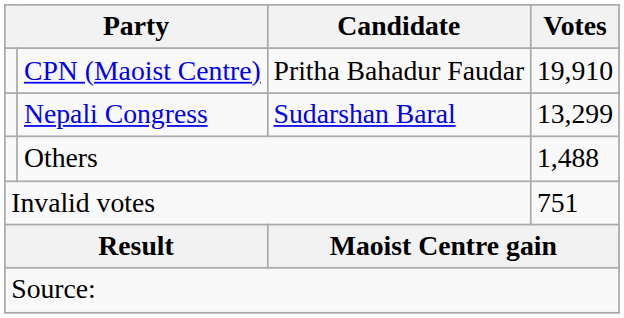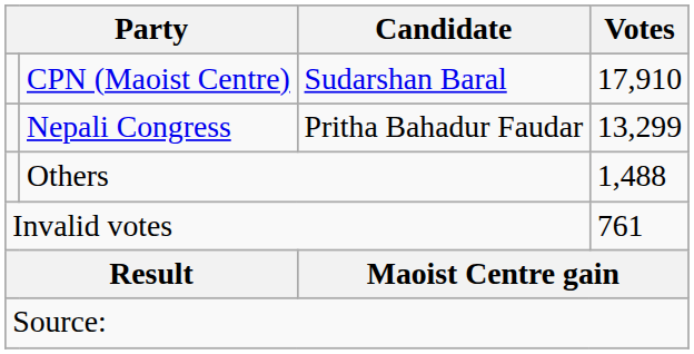 <table class="wikitable">
 <tr>
 <th colspan="2">Party</th>
 <th>Candidate</th>
 <th>Votes</th>
 </tr>
 <tr>
 <td style="background-color:"></td>
 <td><a href='#'>CPN (Maoist Centre)</a></td>
-<td>Pritha Bahadur Faudar</td>
-<td>19,910</td>
+<td><a href='#'>Sudarshan Baral</a></td>
+<td>17,910</td>
 </tr>
 <tr>
 <td style="background-color:"></td>
 <td><a href='#'>Nepali Congress</a></td>
-<td><a href='#'>Sudarshan Baral</a></td>
+<td>Pritha Bahadur Faudar</td>
 <td>13,299</td>
 </tr>
 <tr>
 <td></td>
 <td colspan="2">Others</td>
 <td>1,488</td>
 </tr>
 <tr>
 <td colspan="3">Invalid votes</td>
-<td>751</td>
+<td>761</td>
 </tr>
 <tr>
 <th colspan="2">Result</th>
 <th colspan="2">Maoist Centre gain</th>
 </tr>
 <tr>
 <td colspan="4">Source: </td>
 </tr>
 </table>
